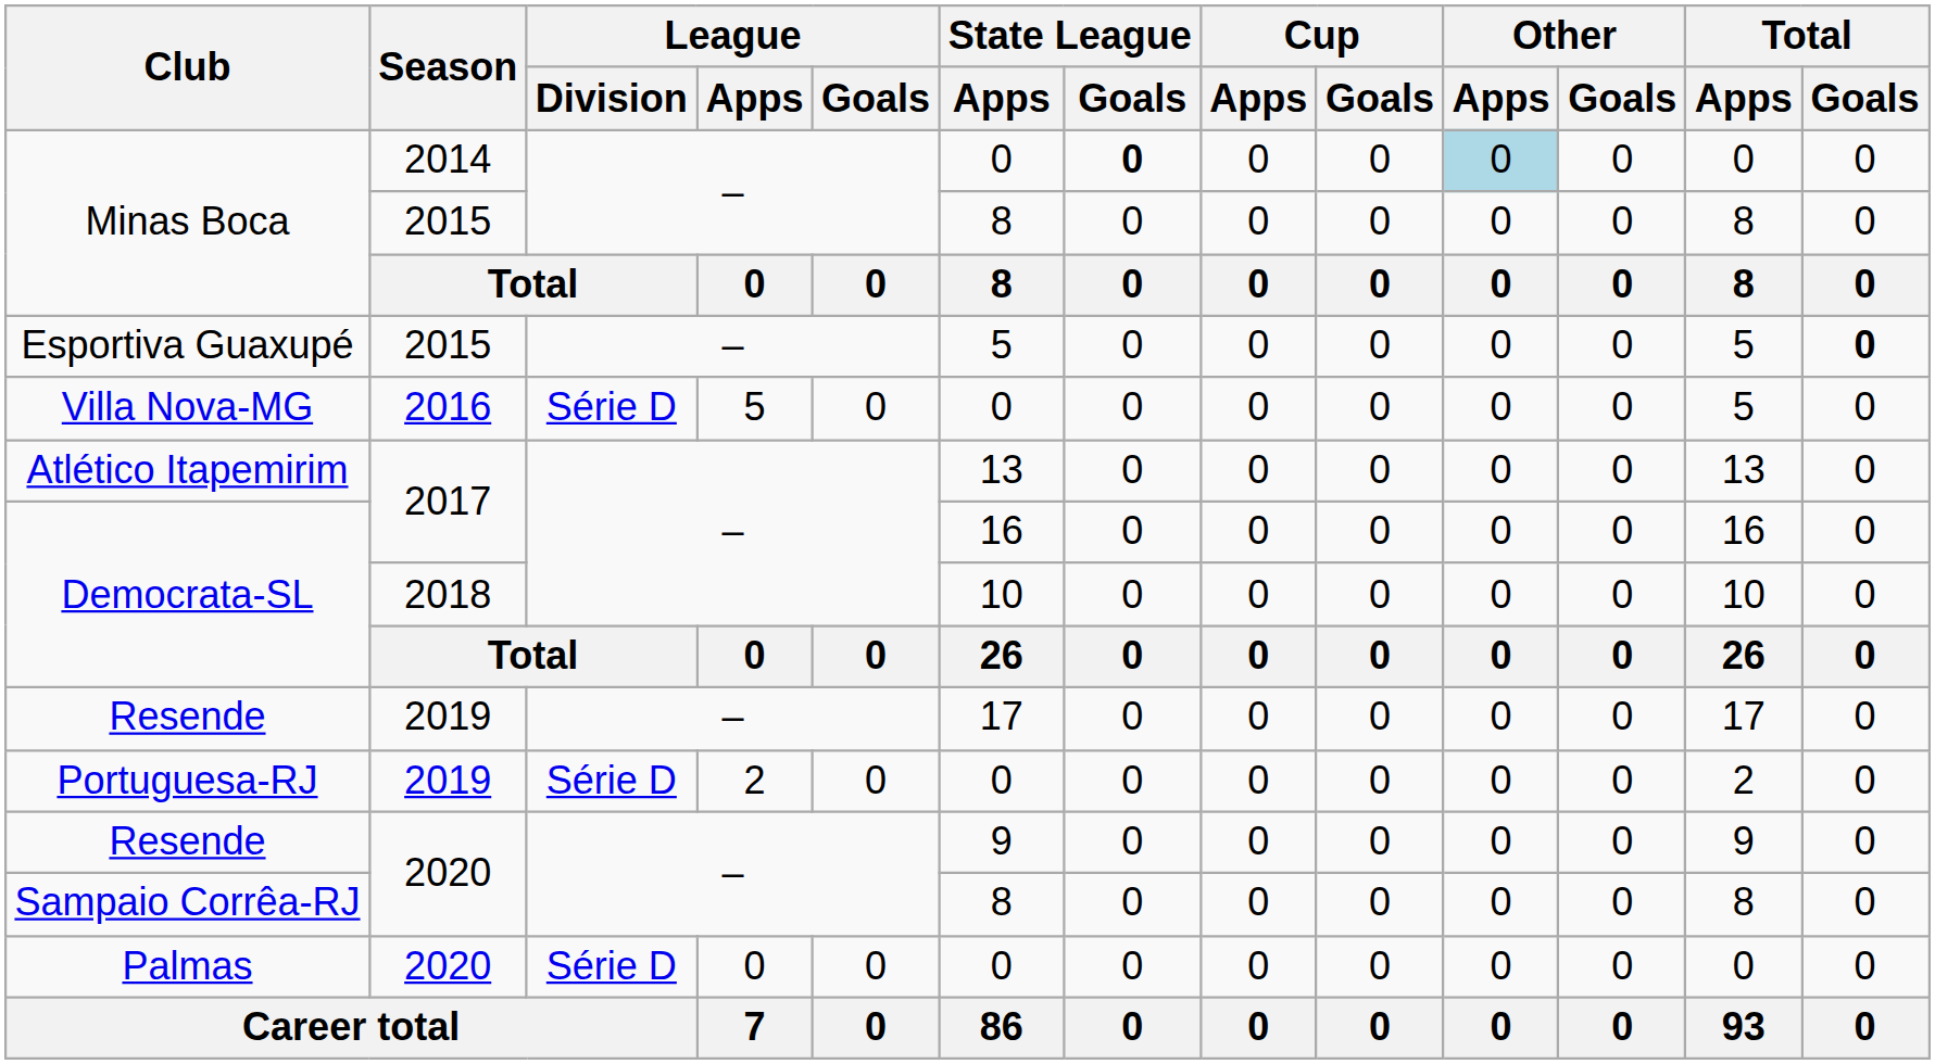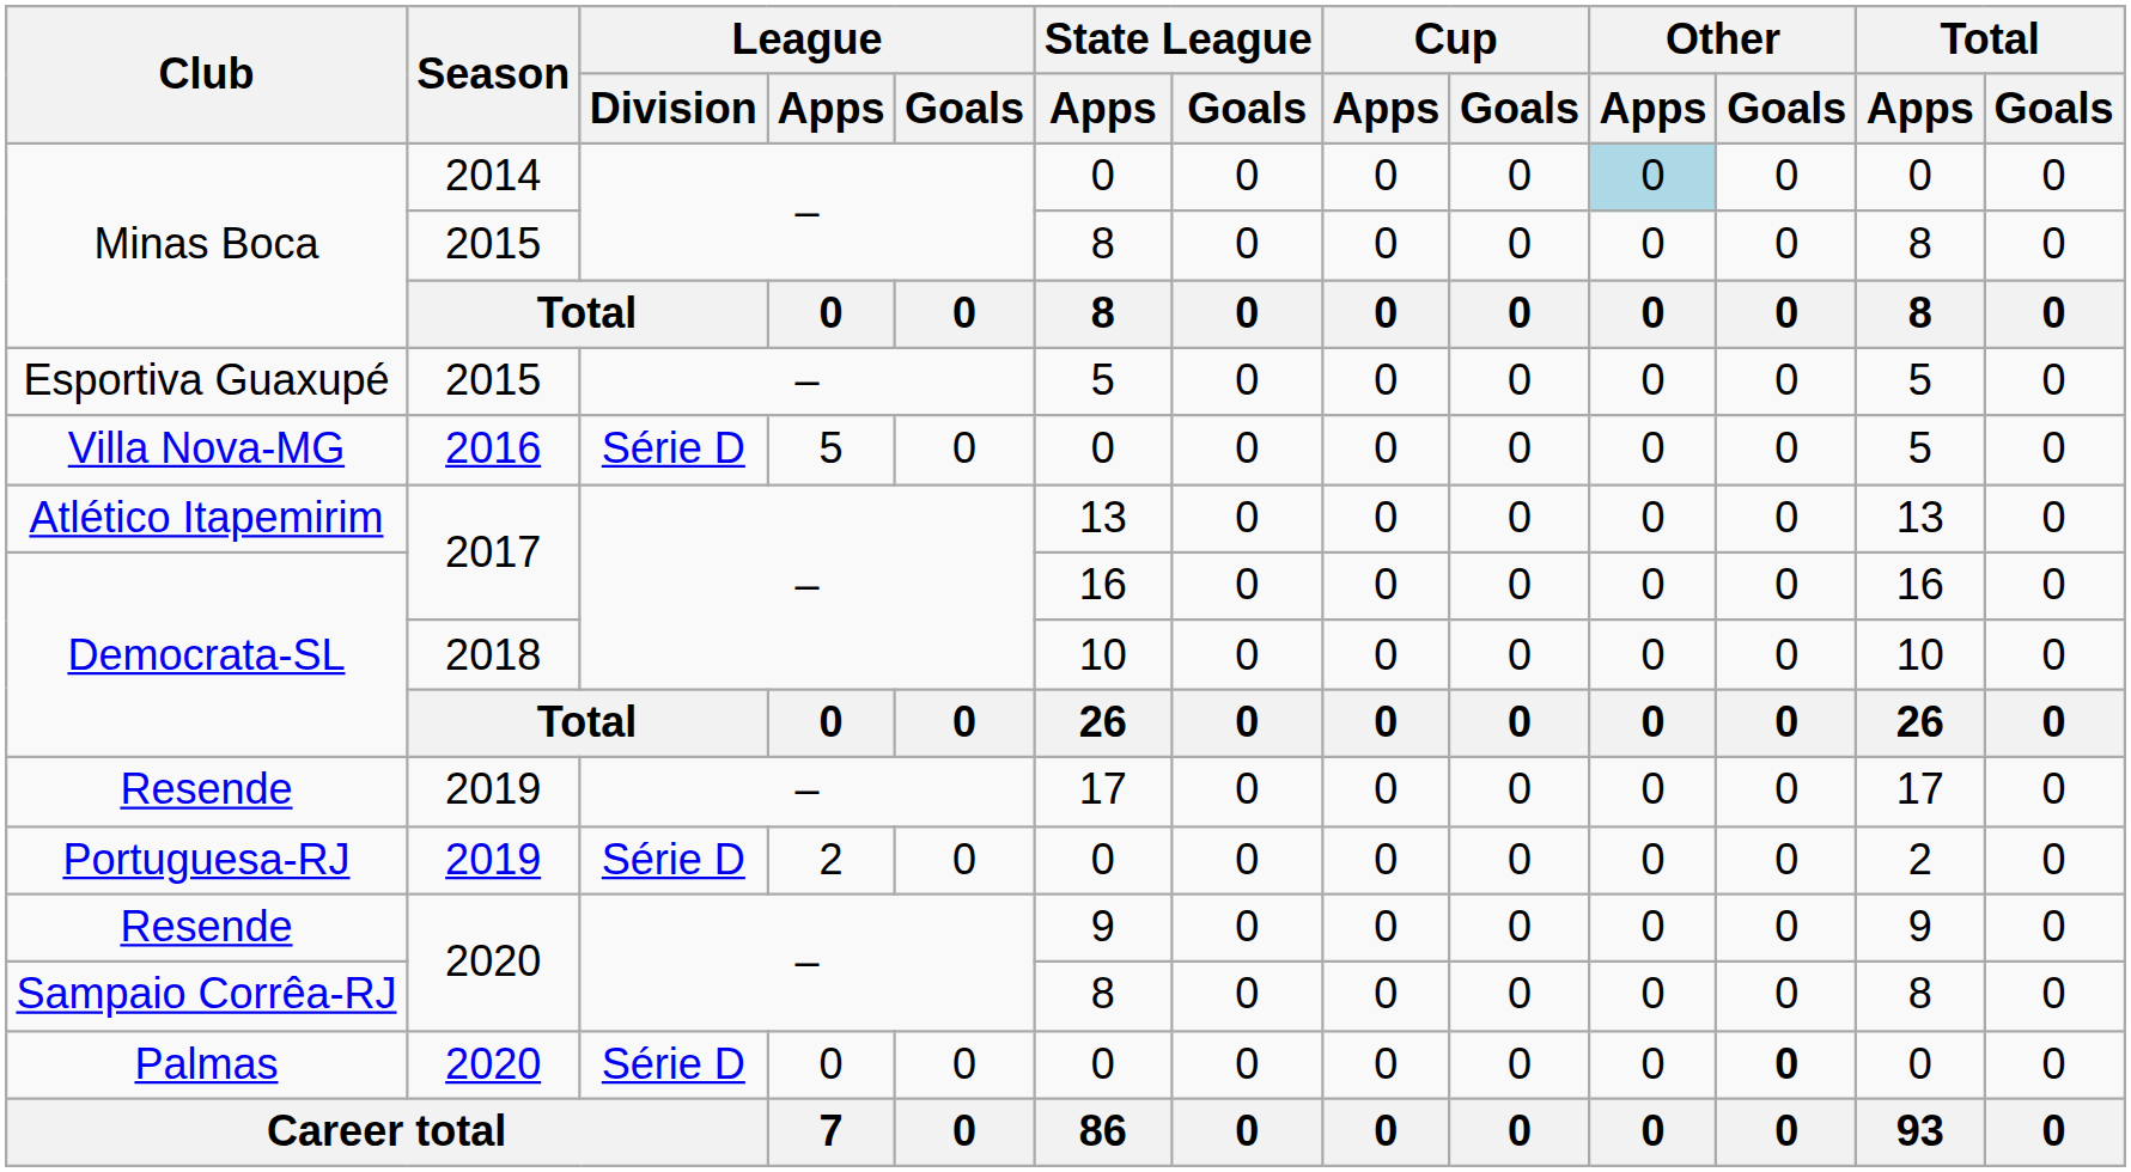 <table class="wikitable" style="text-align: center">
 <tr>
 <th rowspan="2">Club</th>
 <th rowspan="2">Season</th>
 <th colspan="3">League</th>
 <th colspan="2">State League</th>
 <th colspan="2">Cup</th>
 <th colspan="2">Other</th>
 <th colspan="2">Total</th>
 </tr>
 <tr>
 <th>Division</th>
 <th>Apps</th>
 <th>Goals</th>
 <th>Apps</th>
 <th>Goals</th>
 <th>Apps</th>
 <th>Goals</th>
 <th>Apps</th>
 <th>Goals</th>
 <th>Apps</th>
 <th>Goals</th>
 </tr>
 <tr>
 <td rowspan="3">Minas Boca</td>
 <td>2014</td>
 <td colspan="3" rowspan="2">–</td>
 <td>0</td>
-<td><strong>0</strong></td>
+<td>0</td>
 <td>0</td>
 <td>0</td>
 <td style="background: lightblue;">0</td>
 <td>0</td>
 <td>0</td>
 <td>0</td>
 </tr>
 <tr>
 <td>2015</td>
 <td>8</td>
 <td>0</td>
 <td>0</td>
 <td>0</td>
 <td>0</td>
 <td>0</td>
 <td>8</td>
 <td>0</td>
 </tr>
 <tr>
 <th colspan="2"><strong>Total</strong></th>
 <th>0</th>
 <th>0</th>
 <th>8</th>
 <th>0</th>
 <th>0</th>
 <th>0</th>
 <th>0</th>
 <th>0</th>
 <th>8</th>
 <th>0</th>
 </tr>
 <tr>
 <td>Esportiva Guaxupé</td>
 <td>2015</td>
 <td colspan="3">–</td>
 <td>5</td>
 <td>0</td>
 <td>0</td>
 <td>0</td>
 <td>0</td>
 <td>0</td>
 <td>5</td>
-<td><strong>0</strong></td>
+<td>0</td>
 </tr>
 <tr>
 <td><a href='#'>Villa Nova-MG</a></td>
 <td><a href='#'>2016</a></td>
 <td><a href='#'>Série D</a></td>
 <td>5</td>
 <td>0</td>
 <td>0</td>
 <td>0</td>
 <td>0</td>
 <td>0</td>
 <td>0</td>
 <td>0</td>
 <td>5</td>
 <td>0</td>
 </tr>
 <tr>
 <td><a href='#'>Atlético Itapemirim</a></td>
 <td rowspan="2">2017</td>
 <td colspan="3" rowspan="3">–</td>
 <td>13</td>
 <td>0</td>
 <td>0</td>
 <td>0</td>
 <td>0</td>
 <td>0</td>
 <td>13</td>
 <td>0</td>
 </tr>
 <tr>
 <td rowspan="3"><a href='#'>Democrata-SL</a></td>
 <td>16</td>
 <td>0</td>
 <td>0</td>
 <td>0</td>
 <td>0</td>
 <td>0</td>
 <td>16</td>
 <td>0</td>
 </tr>
 <tr>
 <td>2018</td>
 <td>10</td>
 <td>0</td>
 <td>0</td>
 <td>0</td>
 <td>0</td>
 <td>0</td>
 <td>10</td>
 <td>0</td>
 </tr>
 <tr>
 <th colspan="2"><strong>Total</strong></th>
 <th>0</th>
 <th>0</th>
 <th>26</th>
 <th>0</th>
 <th>0</th>
 <th>0</th>
 <th>0</th>
 <th>0</th>
 <th>26</th>
 <th>0</th>
 </tr>
 <tr>
 <td><a href='#'>Resende</a></td>
 <td>2019</td>
 <td colspan="3">–</td>
 <td>17</td>
 <td>0</td>
 <td>0</td>
 <td>0</td>
 <td>0</td>
 <td>0</td>
 <td>17</td>
 <td>0</td>
 </tr>
 <tr>
 <td><a href='#'>Portuguesa-RJ</a></td>
 <td><a href='#'>2019</a></td>
 <td><a href='#'>Série D</a></td>
 <td>2</td>
 <td>0</td>
 <td>0</td>
 <td>0</td>
 <td>0</td>
 <td>0</td>
 <td>0</td>
 <td>0</td>
 <td>2</td>
 <td>0</td>
 </tr>
 <tr>
 <td><a href='#'>Resende</a></td>
 <td rowspan="2">2020</td>
 <td colspan="3" rowspan="2">–</td>
 <td>9</td>
 <td>0</td>
 <td>0</td>
 <td>0</td>
 <td>0</td>
 <td>0</td>
 <td>9</td>
 <td>0</td>
 </tr>
 <tr>
 <td><a href='#'>Sampaio Corrêa-RJ</a></td>
 <td>8</td>
 <td>0</td>
 <td>0</td>
 <td>0</td>
 <td>0</td>
 <td>0</td>
 <td>8</td>
 <td>0</td>
 </tr>
 <tr>
 <td><a href='#'>Palmas</a></td>
 <td><a href='#'>2020</a></td>
 <td><a href='#'>Série D</a></td>
 <td>0</td>
 <td>0</td>
 <td>0</td>
 <td>0</td>
 <td>0</td>
 <td>0</td>
 <td>0</td>
-<td>0</td>
+<td><strong>0</strong></td>
 <td>0</td>
 <td>0</td>
 </tr>
 <tr>
 <th colspan="3"><strong>Career total</strong></th>
 <th>7</th>
 <th>0</th>
 <th>86</th>
 <th>0</th>
 <th>0</th>
 <th>0</th>
 <th>0</th>
 <th>0</th>
 <th>93</th>
 <th>0</th>
 </tr>
 </table>
